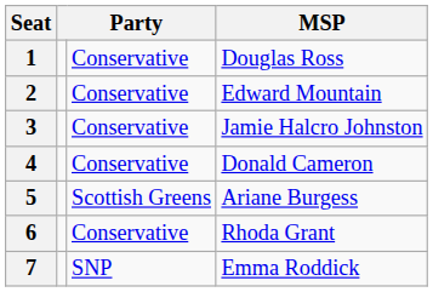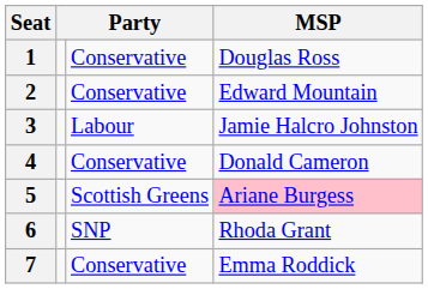 <table class="wikitable sortable">
 <tr>
 <th>Seat</th>
 <th colspan=2>Party</th>
 <th>MSP</th>
 </tr>
 <tr>
 <th>1</th>
 <td style="color:inherit;background:"></td>
 <td><a href='#'>Conservative</a></td>
 <td><a href='#'>Douglas Ross</a></td>
 </tr>
 <tr>
 <th>2</th>
 <td style="color:inherit;background:"></td>
 <td><a href='#'>Conservative</a></td>
 <td><a href='#'>Edward Mountain</a></td>
 </tr>
 <tr>
 <th>3</th>
 <td style="color:inherit;background:"></td>
-<td><a href='#'>Conservative</a></td>
+<td><a href='#'>Labour</a></td>
 <td><a href='#'>Jamie Halcro Johnston</a></td>
 </tr>
 <tr>
 <th>4</th>
 <td style="color:inherit;background:"></td>
 <td><a href='#'>Conservative</a></td>
 <td><a href='#'>Donald Cameron</a></td>
 </tr>
 <tr>
 <th>5</th>
 <td style="color:inherit;background:"></td>
 <td><a href='#'>Scottish Greens</a></td>
-<td><a href='#'>Ariane Burgess</a></td>
+<td style="background: pink;"><a href='#'>Ariane Burgess</a></td>
 </tr>
 <tr>
 <th>6</th>
 <td style="color:inherit;background:"></td>
-<td><a href='#'>Conservative</a></td>
+<td><a href='#'>SNP</a></td>
 <td><a href='#'>Rhoda Grant</a></td>
 </tr>
 <tr>
 <th>7</th>
 <td style="color:inherit;background:"></td>
-<td><a href='#'>SNP</a></td>
+<td><a href='#'>Conservative</a></td>
 <td><a href='#'>Emma Roddick</a></td>
 </tr>
 </table>
